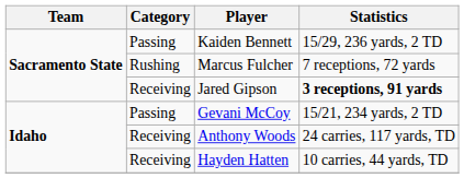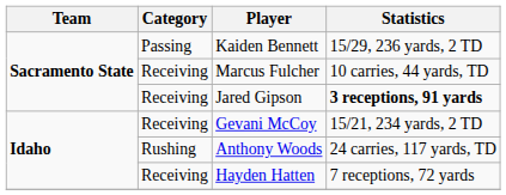 <table class="wikitable" style="float: right;">
 <tr>
 <th>Team</th>
 <th>Category</th>
 <th>Player</th>
 <th>Statistics</th>
 </tr>
 <tr>
 <td rowspan=3><strong>Sacramento State</strong></td>
 <td>Passing</td>
 <td>Kaiden Bennett</td>
 <td>15/29, 236 yards, 2 TD</td>
 </tr>
 <tr>
-<td>Rushing</td>
+<td>Receiving</td>
 <td>Marcus Fulcher</td>
-<td>7 receptions, 72 yards</td>
+<td>10 carries, 44 yards, TD</td>
 </tr>
 <tr>
 <td>Receiving</td>
 <td>Jared Gipson</td>
 <td><strong>3 receptions, 91 yards</strong></td>
 </tr>
 <tr>
 <td rowspan=3><strong>Idaho</strong></td>
-<td>Passing</td>
+<td>Receiving</td>
 <td><a href='#'>Gevani McCoy</a></td>
 <td>15/21, 234 yards, 2 TD</td>
 </tr>
 <tr>
-<td>Receiving</td>
+<td>Rushing</td>
 <td><a href='#'>Anthony Woods</a></td>
 <td>24 carries, 117 yards, TD</td>
 </tr>
 <tr>
 <td>Receiving</td>
 <td><a href='#'>Hayden Hatten</a></td>
-<td>10 carries, 44 yards, TD</td>
+<td>7 receptions, 72 yards</td>
 </tr>
 <tr>
 </tr>
 </table>
